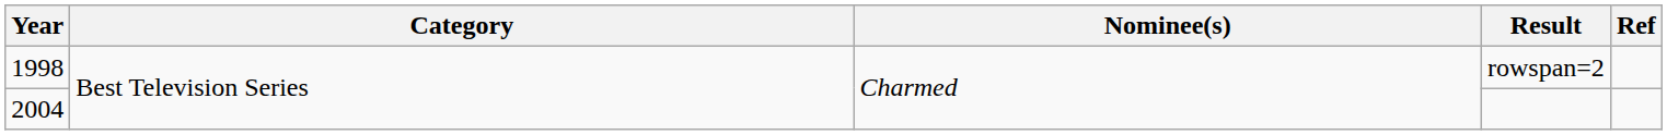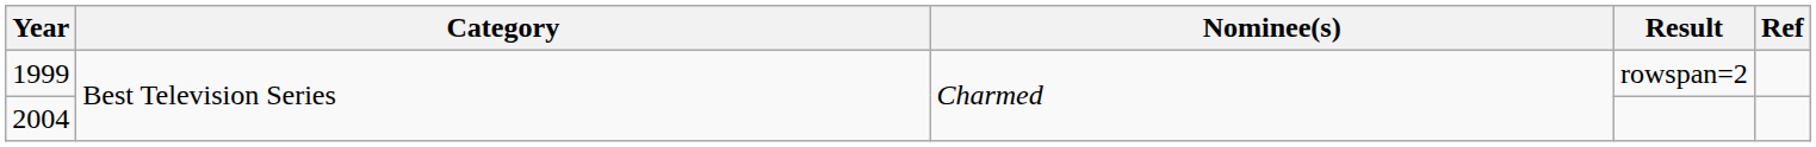 <table class="wikitable">
 <tr>
 <th>Year</th>
 <th width=470>Category</th>
 <th width=375>Nominee(s)</th>
 <th width=65>Result</th>
 <th>Ref</th>
 </tr>
 <tr>
-<td>1998</td>
+<td>1999</td>
 <td rowspan=2>Best Television Series</td>
 <td rowspan=2><em>Charmed</em></td>
 <td>rowspan=2 </td>
 <td></td>
 </tr>
 <tr>
 <td>2004</td>
 <td></td>
 </tr>
 </table>
